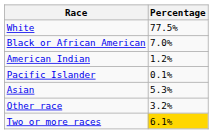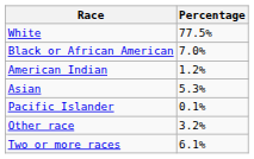 <table class="wikitable sortable collapsible nowrap" style="font-size: 90%; text-align: left; display:inline-table;">
 <tr>
 <th>Race</th>
 <th>Percentage</th>
 </tr>
 <tr>
 <td style="text-align: left;"><a href='#'>White</a></td>
 <td>77.5%</td>
 </tr>
 <tr>
 <td style="text-align: left;"><a href='#'>Black or African American</a></td>
 <td>7.0%</td>
 </tr>
 <tr>
 <td style="text-align: left;"><a href='#'>American Indian</a></td>
 <td>1.2%</td>
 </tr>
 <tr>
+<td style="text-align: left;"><a href='#'>Asian</a></td>
+<td>5.3%</td>
+</tr>
+<tr>
 <td style="text-align: left;"><a href='#'>Pacific Islander</a></td>
 <td>0.1%</td>
-</tr>
-<tr>
-<td style="text-align: left;"><a href='#'>Asian</a></td>
-<td>5.3%</td>
 </tr>
 <tr>
 <td style="text-align: left;"><a href='#'>Other race</a></td>
 <td>3.2%</td>
 </tr>
 <tr>
 <td style="text-align: left;"><a href='#'>Two or more races</a></td>
-<td style="background: gold;">6.1%</td>
+<td>6.1%</td>
 </tr>
 </table>
